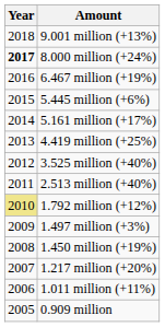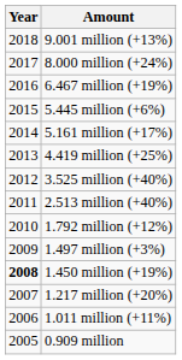 <table class="wikitable">
 <tr>
 <th>Year</th>
 <th>Amount</th>
 </tr>
 <tr>
 <td>2018</td>
 <td>9.001 million (+13%)</td>
 </tr>
 <tr>
-<td><strong>2017</strong></td>
+<td>2017</td>
 <td>8.000 million (+24%)</td>
 </tr>
 <tr>
 <td>2016</td>
 <td>6.467 million (+19%)</td>
 </tr>
 <tr>
 <td>2015</td>
 <td>5.445 million (+6%)</td>
 </tr>
 <tr>
 <td>2014</td>
 <td>5.161 million (+17%)</td>
 </tr>
 <tr>
 <td>2013</td>
 <td>4.419 million (+25%)</td>
 </tr>
 <tr>
 <td>2012</td>
 <td>3.525 million (+40%)</td>
 </tr>
 <tr>
 <td>2011</td>
 <td>2.513 million (+40%)</td>
 </tr>
 <tr>
-<td style="background: khaki;">2010</td>
+<td>2010</td>
 <td>1.792 million (+12%)</td>
 </tr>
 <tr>
 <td>2009</td>
 <td>1.497 million (+3%)</td>
 </tr>
 <tr>
-<td>2008</td>
+<td><strong>2008</strong></td>
 <td>1.450 million (+19%)</td>
 </tr>
 <tr>
 <td>2007</td>
 <td>1.217 million (+20%)</td>
 </tr>
 <tr>
 <td>2006</td>
 <td>1.011 million (+11%)</td>
 </tr>
 <tr>
 <td>2005</td>
 <td>0.909 million</td>
 </tr>
 </table>
